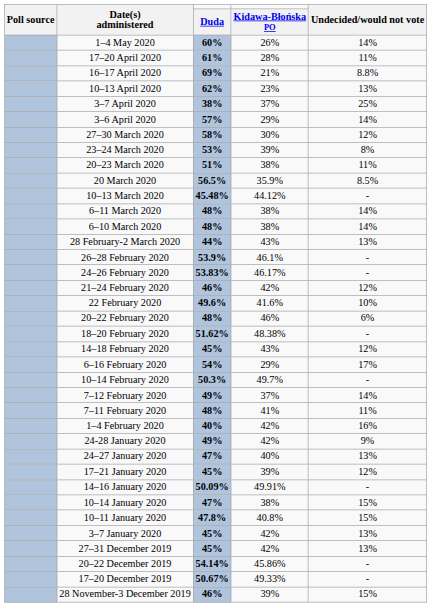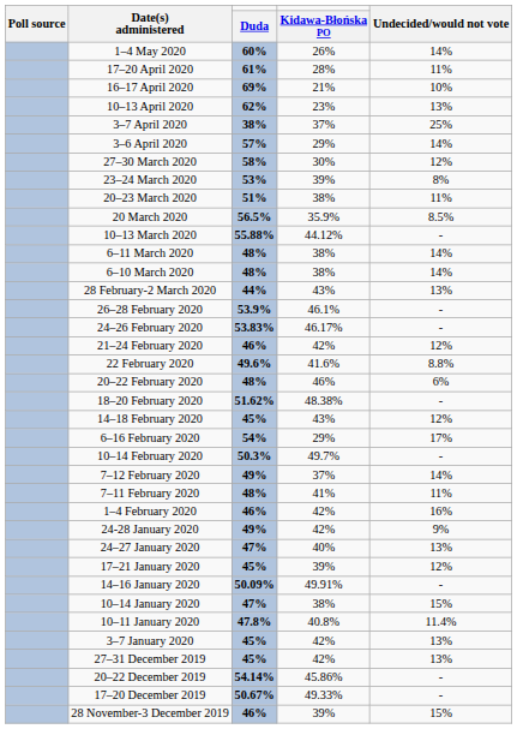 <table class="wikitable" style="text-align:center;font-size:85%;line-height:14px;">
 <tr>
 <th rowspan="2">Poll source</th>
 <th rowspan="2">Date(s)<br>administered</th>
 <td></td>
 <td></td>
 <th rowspan="2">Undecided/would not vote</th>
 </tr>
 <tr>
 <th><a href='#'>Duda</a><br></th>
 <th><a href='#'>Kidawa-Błońska</a><br><small><a href='#'>PO</a></small></th>
 </tr>
 <tr>
 <td style="background:lightsteelblue;"></td>
 <td>1–4 May 2020</td>
 <td style="background:lightsteelblue;"><strong>60%</strong></td>
 <td>26%</td>
 <td>14%</td>
 </tr>
 <tr>
 <td style="background:lightsteelblue;"></td>
 <td>17–20 April 2020</td>
 <td style="background:lightsteelblue;"><strong>61%</strong></td>
 <td>28%</td>
 <td>11%</td>
 </tr>
 <tr>
 <td style="background:lightsteelblue;"></td>
 <td>16–17 April 2020</td>
 <td style="background:lightsteelblue;"><strong>69%</strong></td>
 <td>21%</td>
-<td>8.8%</td>
+<td>10%</td>
 </tr>
 <tr>
 <td style="background:lightsteelblue;"></td>
 <td>10–13 April 2020</td>
 <td style="background:lightsteelblue;"><strong>62%</strong></td>
 <td>23%</td>
 <td>13%</td>
 </tr>
 <tr>
 <td style="background:lightsteelblue;"></td>
 <td>3–7 April 2020</td>
 <td style="background:lightsteelblue;"><strong>38%</strong></td>
 <td>37%</td>
 <td>25%</td>
 </tr>
 <tr>
 <td style="background:lightsteelblue;"></td>
 <td>3–6 April 2020</td>
 <td style="background:lightsteelblue;"><strong>57%</strong></td>
 <td>29%</td>
 <td>14%</td>
 </tr>
 <tr>
 <td style="background:lightsteelblue;"></td>
 <td>27–30 March 2020</td>
 <td style="background:lightsteelblue;"><strong>58%</strong></td>
 <td>30%</td>
 <td>12%</td>
 </tr>
 <tr>
 <td style="background:lightsteelblue;"></td>
 <td>23–24 March 2020</td>
 <td style="background:lightsteelblue;"><strong>53%</strong></td>
 <td>39%</td>
 <td>8%</td>
 </tr>
 <tr>
 <td style="background:lightsteelblue;"></td>
 <td>20–23 March 2020</td>
 <td style="background:lightsteelblue;"><strong>51%</strong></td>
 <td>38%</td>
 <td>11%</td>
 </tr>
 <tr>
 <td style="background:lightsteelblue;"></td>
 <td>20 March 2020</td>
 <td style="background:lightsteelblue;"><strong>56.5%</strong></td>
 <td>35.9%</td>
 <td>8.5%</td>
 </tr>
 <tr>
 <td style="background:lightsteelblue;"></td>
 <td>10–13 March 2020</td>
-<td style="background:lightsteelblue;"><strong>45.48%</strong></td>
+<td style="background:lightsteelblue;"><strong>55.88%</strong></td>
 <td>44.12%</td>
 <td>-</td>
 </tr>
 <tr>
 <td style="background:lightsteelblue;"></td>
 <td>6–11 March 2020</td>
 <td style="background:lightsteelblue;"><strong>48%</strong></td>
 <td>38%</td>
 <td>14%</td>
 </tr>
 <tr>
 <td style="background:lightsteelblue;"></td>
 <td>6–10 March 2020</td>
 <td style="background:lightsteelblue;"><strong>48%</strong></td>
 <td>38%</td>
 <td>14%</td>
 </tr>
 <tr>
 <td style="background:lightsteelblue;"></td>
 <td>28 February-2 March 2020</td>
 <td style="background:lightsteelblue;"><strong>44%</strong></td>
 <td>43%</td>
 <td>13%</td>
 </tr>
 <tr>
 <td style="background:lightsteelblue;"></td>
 <td>26–28 February 2020</td>
 <td style="background:lightsteelblue;"><strong>53.9%</strong></td>
 <td>46.1%</td>
 <td>-</td>
 </tr>
 <tr>
 <td style="background:lightsteelblue;"></td>
 <td>24–26 February 2020</td>
 <td style="background:lightsteelblue;"><strong>53.83%</strong></td>
 <td>46.17%</td>
 <td>-</td>
 </tr>
 <tr>
 <td style="background:lightsteelblue;"></td>
 <td>21–24 February 2020</td>
 <td style="background:lightsteelblue;"><strong>46%</strong></td>
 <td>42%</td>
 <td>12%</td>
 </tr>
 <tr>
 <td style="background:lightsteelblue;"></td>
 <td>22 February 2020</td>
 <td style="background:lightsteelblue;"><strong>49.6%</strong></td>
 <td>41.6%</td>
-<td>10%</td>
+<td>8.8%</td>
 </tr>
 <tr>
 <td style="background:lightsteelblue;"></td>
 <td>20–22 February 2020</td>
 <td style="background:lightsteelblue;"><strong>48%</strong></td>
 <td>46%</td>
 <td>6%</td>
 </tr>
 <tr>
 <td style="background:lightsteelblue;"></td>
 <td>18–20 February 2020</td>
 <td style="background:lightsteelblue;"><strong>51.62%</strong></td>
 <td>48.38%</td>
 <td>-</td>
 </tr>
 <tr>
 <td style="background:lightsteelblue;"></td>
 <td>14–18 February 2020</td>
 <td style="background:lightsteelblue;"><strong>45%</strong></td>
 <td>43%</td>
 <td>12%</td>
 </tr>
 <tr>
 <td style="background:lightsteelblue;"></td>
 <td>6–16 February 2020</td>
 <td style="background:lightsteelblue;"><strong>54%</strong></td>
 <td>29%</td>
 <td>17%</td>
 </tr>
 <tr>
 <td style="background:lightsteelblue;"></td>
 <td>10–14 February 2020</td>
 <td style="background:lightsteelblue;"><strong>50.3%</strong></td>
 <td>49.7%</td>
 <td>-</td>
 </tr>
 <tr>
 <td style="background:lightsteelblue;"></td>
 <td>7–12 February 2020</td>
 <td style="background:lightsteelblue;"><strong>49%</strong></td>
 <td>37%</td>
 <td>14%</td>
 </tr>
 <tr>
 <td style="background:lightsteelblue;"></td>
 <td>7–11 February 2020</td>
 <td style="background:lightsteelblue;"><strong>48%</strong></td>
 <td>41%</td>
 <td>11%</td>
 </tr>
 <tr>
 <td style="background:lightsteelblue;"></td>
 <td>1–4 February 2020</td>
-<td style="background:lightsteelblue;"><strong>40%</strong></td>
+<td style="background:lightsteelblue;"><strong>46%</strong></td>
 <td>42%</td>
 <td>16%</td>
 </tr>
 <tr>
 <td style="background:lightsteelblue;"></td>
 <td>24-28 January 2020</td>
 <td style="background:lightsteelblue;"><strong>49%</strong></td>
 <td>42%</td>
 <td>9%</td>
 </tr>
 <tr>
 <td style="background:lightsteelblue;"></td>
 <td>24–27 January 2020</td>
 <td style="background:lightsteelblue;"><strong>47%</strong></td>
 <td>40%</td>
 <td>13%</td>
 </tr>
 <tr>
 <td style="background:lightsteelblue;"></td>
 <td>17–21 January 2020</td>
 <td style="background:lightsteelblue;"><strong>45%</strong></td>
 <td>39%</td>
 <td>12%</td>
 </tr>
 <tr>
 <td style="background:lightsteelblue;"></td>
 <td>14–16 January 2020</td>
 <td style="background:lightsteelblue;"><strong>50.09%</strong></td>
 <td>49.91%</td>
 <td>-</td>
 </tr>
 <tr>
 <td style="background:lightsteelblue;"></td>
 <td>10–14 January 2020</td>
 <td style="background:lightsteelblue;"><strong>47%</strong></td>
 <td>38%</td>
 <td>15%</td>
 </tr>
 <tr>
 <td style="background:lightsteelblue;"></td>
 <td>10–11 January 2020</td>
 <td style="background:lightsteelblue;"><strong>47.8%</strong></td>
 <td>40.8%</td>
-<td>15%</td>
+<td>11.4%</td>
 </tr>
 <tr>
 <td style="background:lightsteelblue;"></td>
 <td>3–7 January 2020</td>
 <td style="background:lightsteelblue;"><strong>45%</strong></td>
 <td>42%</td>
 <td>13%</td>
 </tr>
 <tr>
 <td style="background:lightsteelblue;"></td>
 <td>27–31 December 2019</td>
 <td style="background:lightsteelblue;"><strong>45%</strong></td>
 <td>42%</td>
 <td>13%</td>
 </tr>
 <tr>
 <td style="background:lightsteelblue;"></td>
 <td>20–22 December 2019</td>
 <td style="background:lightsteelblue;"><strong>54.14%</strong></td>
 <td>45.86%</td>
 <td>-</td>
 </tr>
 <tr>
 <td style="background:lightsteelblue;"></td>
 <td>17–20 December 2019</td>
 <td style="background:lightsteelblue;"><strong>50.67%</strong></td>
 <td>49.33%</td>
 <td>-</td>
 </tr>
 <tr>
 <td style="background:lightsteelblue;"></td>
 <td>28 November-3 December 2019</td>
 <td style="background:lightsteelblue;"><strong>46%</strong></td>
 <td>39%</td>
 <td>15%</td>
 </tr>
 </table>
